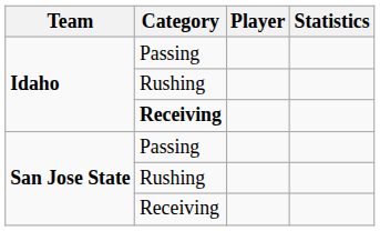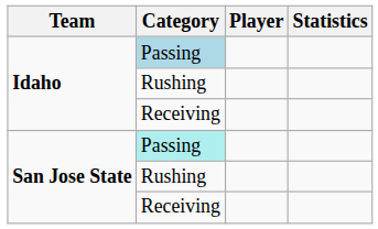 <table class="wikitable" style="float: right;">
 <tr>
 <th>Team</th>
 <th>Category</th>
 <th>Player</th>
 <th>Statistics</th>
 </tr>
 <tr>
 <td rowspan=3><strong>Idaho</strong></td>
-<td>Passing</td>
+<td style="background: lightblue;">Passing</td>
 <td></td>
 <td></td>
 </tr>
 <tr>
 <td>Rushing</td>
 <td></td>
 <td></td>
 </tr>
 <tr>
-<td><strong>Receiving</strong></td>
+<td>Receiving</td>
 <td></td>
 <td></td>
 </tr>
 <tr>
 <td rowspan=3><strong>San Jose State</strong></td>
-<td>Passing</td>
+<td style="background: paleturquoise;">Passing</td>
 <td></td>
 <td></td>
 </tr>
 <tr>
 <td>Rushing</td>
 <td></td>
 <td></td>
 </tr>
 <tr>
 <td>Receiving</td>
 <td></td>
 <td></td>
 </tr>
 </table>
